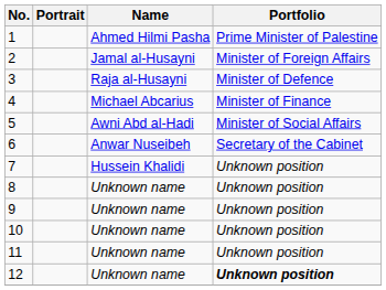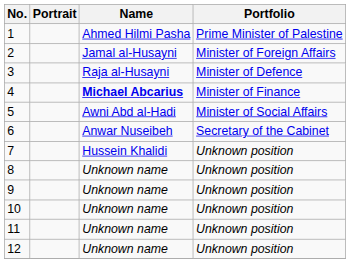 <table class="wikitable sortable">
 <tr>
 <th>No.</th>
 <th>Portrait</th>
 <th>Name</th>
 <th>Portfolio</th>
 </tr>
 <tr>
 <td>1</td>
 <td></td>
 <td><a href='#'>Ahmed Hilmi Pasha</a></td>
 <td><a href='#'>Prime Minister of Palestine</a></td>
 </tr>
 <tr>
 <td>2</td>
 <td></td>
 <td><a href='#'>Jamal al-Husayni</a></td>
 <td><a href='#'>Minister of Foreign Affairs</a></td>
 </tr>
 <tr>
 <td>3</td>
 <td></td>
 <td><a href='#'>Raja al-Husayni</a></td>
 <td><a href='#'>Minister of Defence</a></td>
 </tr>
 <tr>
 <td>4</td>
 <td></td>
-<td><a href='#'>Michael Abcarius</a></td>
+<td><strong><a href='#'>Michael Abcarius</a></strong></td>
 <td><a href='#'>Minister of Finance</a></td>
 </tr>
 <tr>
 <td>5</td>
 <td></td>
 <td><a href='#'>Awni Abd al-Hadi</a></td>
 <td><a href='#'>Minister of Social Affairs</a></td>
 </tr>
 <tr>
 <td>6</td>
 <td></td>
 <td><a href='#'>Anwar Nuseibeh</a></td>
 <td><a href='#'>Secretary of the Cabinet</a></td>
 </tr>
 <tr>
 <td>7</td>
 <td></td>
 <td><a href='#'>Hussein Khalidi</a></td>
 <td><em>Unknown position</em></td>
 </tr>
 <tr>
 <td>8</td>
 <td></td>
 <td><em>Unknown name</em></td>
 <td><em>Unknown position</em></td>
 </tr>
 <tr>
 <td>9</td>
 <td></td>
 <td><em>Unknown name</em></td>
 <td><em>Unknown position</em></td>
 </tr>
 <tr>
 <td>10</td>
 <td></td>
 <td><em>Unknown name</em></td>
 <td><em>Unknown position</em></td>
 </tr>
 <tr>
 <td>11</td>
 <td></td>
 <td><em>Unknown name</em></td>
 <td><em>Unknown position</em></td>
 </tr>
 <tr>
 <td>12</td>
 <td></td>
 <td><em>Unknown name</em></td>
-<td><strong><em>Unknown position</em></strong></td>
+<td><em>Unknown position</em></td>
 </tr>
 <tr>
 </tr>
 </table>
